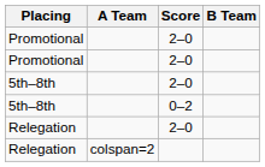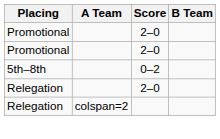 <table class=wikitable style="border:1px solid #AAAAAA;">
 <tr>
 <th>Placing</th>
 <th>A Team</th>
 <th>Score</th>
 <th>B Team</th>
 </tr>
 <tr>
 <td>Promotional</td>
 <td><strong></strong></td>
 <td align="center">2–0</td>
 <td></td>
 </tr>
 <tr>
 <td>Promotional</td>
-<td><strong></strong></td>
-<td align="center">2–0</td>
-<td></td>
-</tr>
-<tr>
-<td>5th–8th</td>
 <td><strong></strong></td>
 <td align="center">2–0</td>
 <td></td>
 </tr>
 <tr>
 <td>5th–8th</td>
 <td></td>
 <td align="center">0–2</td>
 <td><strong></strong></td>
 </tr>
 <tr>
 <td>Relegation</td>
 <td><strong></strong></td>
 <td align="center">2–0</td>
 <td></td>
 </tr>
 <tr>
 <td>Relegation</td>
 <td>colspan=2 </td>
 <td></td>
 </tr>
 </table>
